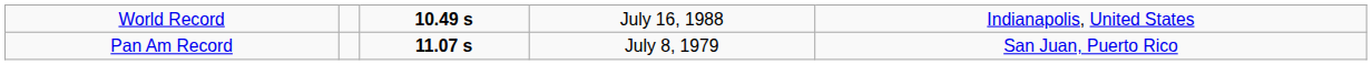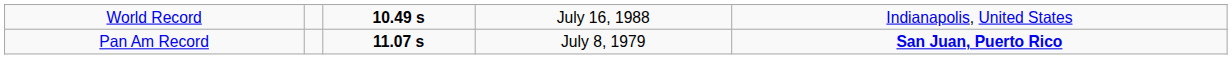 <table class="wikitable" style=" text-align:center; font-size:95%;" width="75%">
 <tr>
 <td><a href='#'>World Record</a></td>
 <td></td>
 <td><strong>10.49 s </strong></td>
 <td>July 16, 1988</td>
 <td> <a href='#'>Indianapolis</a>, <a href='#'>United States</a></td>
 </tr>
 <tr>
 <td><a href='#'>Pan Am Record</a></td>
 <td></td>
 <td><strong>11.07 s </strong></td>
 <td>July 8, 1979</td>
-<td> <a href='#'>San Juan, Puerto Rico</a></td>
+<td><strong> <a href='#'>San Juan, Puerto Rico</a></strong></td>
 </tr>
 </table>
